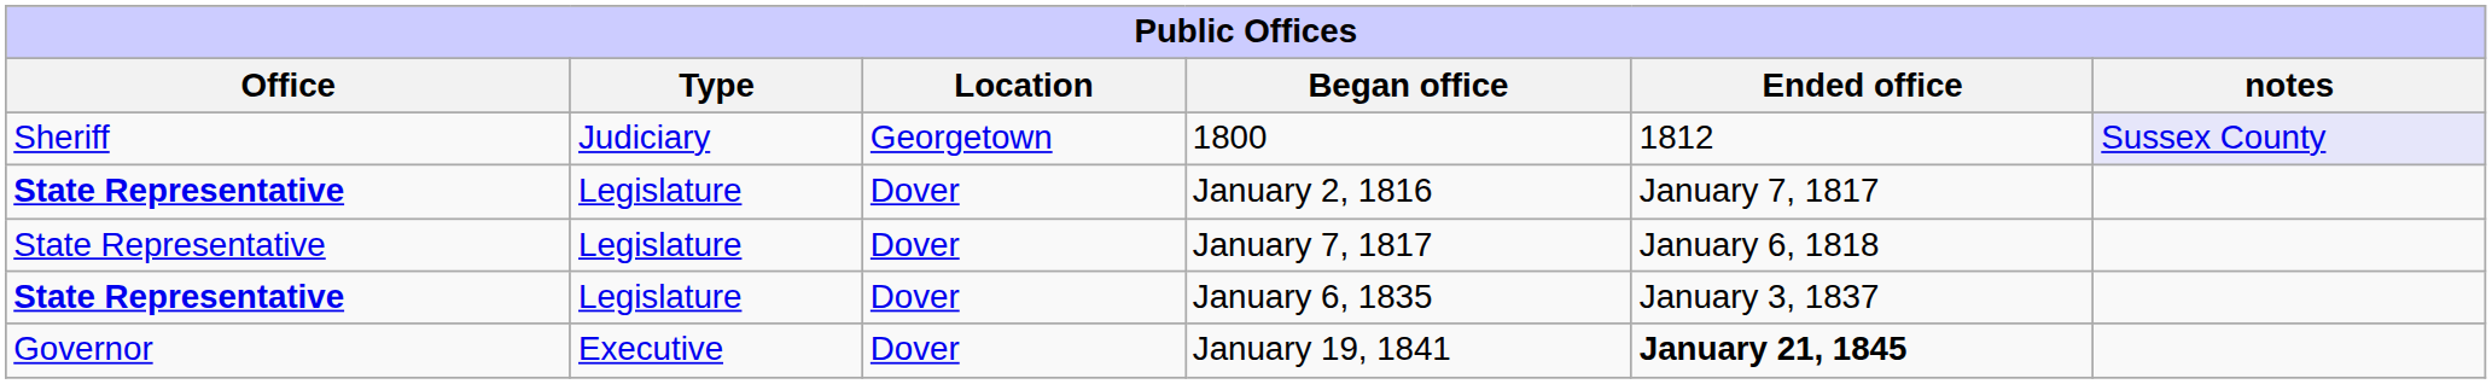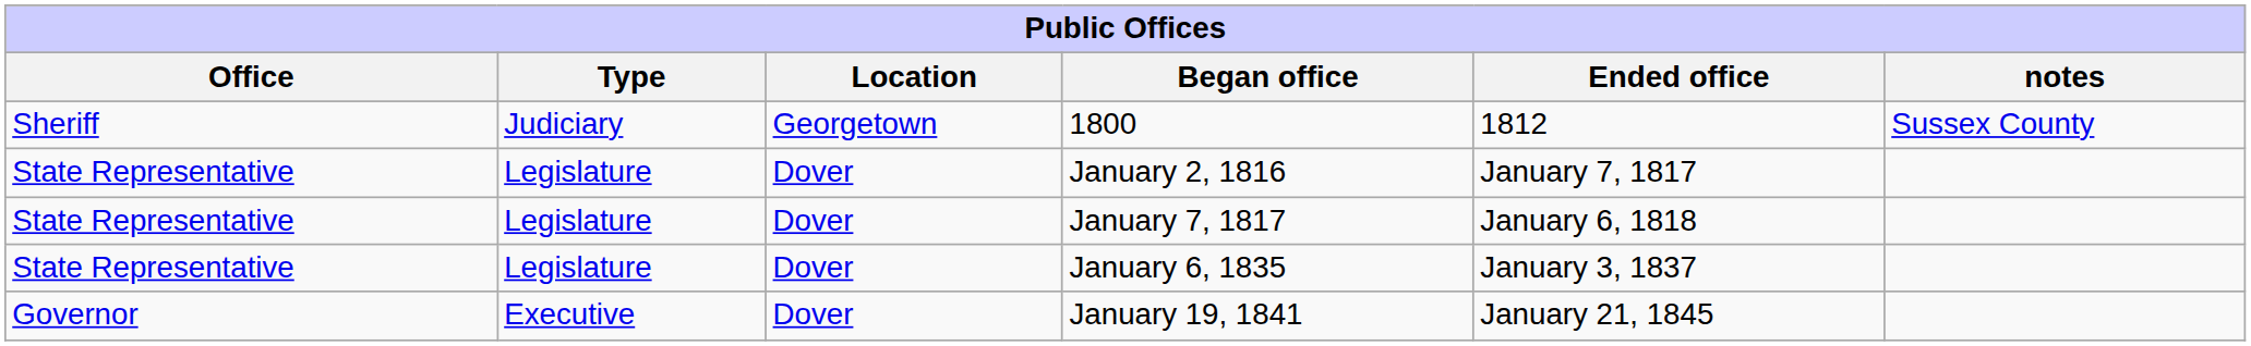 <table class=wikitable style="width: 94%" style="text-align: center;" align="center">
 <tr bgcolor=#cccccc>
 <th colspan=7 style="background: #ccccff;">Public Offices</th>
 </tr>
 <tr>
 <th><strong>Office</strong></th>
 <th><strong>Type</strong></th>
 <th><strong>Location</strong></th>
 <th><strong>Began office</strong></th>
 <th><strong>Ended office</strong></th>
 <th><strong>notes</strong></th>
 </tr>
 <tr>
 <td><a href='#'>Sheriff</a></td>
 <td><a href='#'>Judiciary</a></td>
 <td><a href='#'>Georgetown</a></td>
 <td>1800</td>
 <td>1812</td>
-<td style="background: lavender;"><a href='#'>Sussex County</a></td>
+<td><a href='#'>Sussex County</a></td>
 </tr>
 <tr>
-<td><strong><a href='#'>State Representative</a></strong></td>
+<td><a href='#'>State Representative</a></td>
 <td><a href='#'>Legislature</a></td>
 <td><a href='#'>Dover</a></td>
 <td>January 2, 1816</td>
 <td>January 7, 1817</td>
 <td></td>
 </tr>
 <tr>
 <td><a href='#'>State Representative</a></td>
 <td><a href='#'>Legislature</a></td>
 <td><a href='#'>Dover</a></td>
 <td>January 7, 1817</td>
 <td>January 6, 1818</td>
 <td></td>
 </tr>
 <tr>
-<td><strong><a href='#'>State Representative</a></strong></td>
+<td><a href='#'>State Representative</a></td>
 <td><a href='#'>Legislature</a></td>
 <td><a href='#'>Dover</a></td>
 <td>January 6, 1835</td>
 <td>January 3, 1837</td>
 <td></td>
 </tr>
 <tr>
 <td><a href='#'>Governor</a></td>
 <td><a href='#'>Executive</a></td>
 <td><a href='#'>Dover</a></td>
 <td>January 19, 1841</td>
-<td><strong>January 21, 1845</strong></td>
+<td>January 21, 1845</td>
 <td></td>
 </tr>
 </table>
